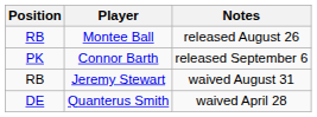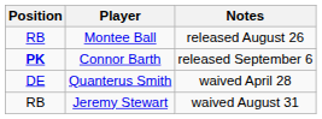 <table class="wikitable" style="text-align:center">
 <tr>
 <th>Position</th>
 <th>Player</th>
 <th>Notes</th>
 </tr>
 <tr>
 <td><a href='#'>RB</a></td>
 <td><a href='#'>Montee Ball</a></td>
 <td>released August 26</td>
 </tr>
 <tr>
-<td><a href='#'>PK</a></td>
+<td><strong><a href='#'>PK</a></strong></td>
 <td><a href='#'>Connor Barth</a></td>
 <td>released September 6</td>
+</tr>
+<tr>
+<td><a href='#'>DE</a></td>
+<td><a href='#'>Quanterus Smith</a></td>
+<td>waived April 28</td>
 </tr>
 <tr>
 <td>RB</td>
 <td><a href='#'>Jeremy Stewart</a></td>
 <td>waived August 31</td>
 </tr>
-<tr>
-<td><a href='#'>DE</a></td>
-<td><a href='#'>Quanterus Smith</a></td>
-<td>waived April 28</td>
-</tr>
 </table>
